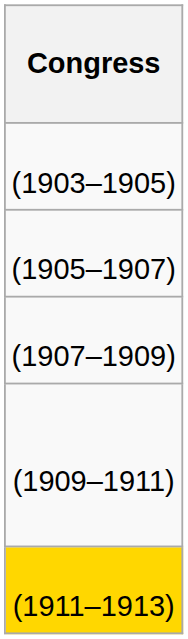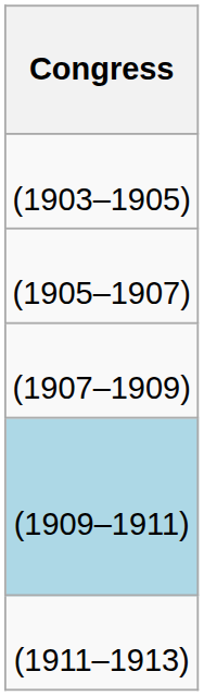 <table class="wikitable" style="float:left; margin:0; margin-right:-0.5px; margin-top:14px; text-align:center;">
 <tr style="white-space:nowrap; height:4.08em;">
 <th>Congress</th>
 </tr>
 <tr style="white-space:nowrap; height:3em;">
 <td><strong></strong><br>(1903–1905)</td>
 </tr>
 <tr style="white-space:nowrap; height:3em">
 <td><strong></strong><br>(1905–1907)</td>
 </tr>
 <tr style="white-space:nowrap; height:3em">
 <td><strong></strong><br>(1907–1909)</td>
 </tr>
 <tr style="white-space:nowrap; height:5.62em">
-<td><strong></strong><br>(1909–1911)</td>
+<td style="background: lightblue;"><strong></strong><br>(1909–1911)</td>
 </tr>
 <tr style="white-space:nowrap; height:3em">
-<td style="background: gold;"><strong></strong><br>(1911–1913)</td>
+<td><strong></strong><br>(1911–1913)</td>
 </tr>
 </table>
